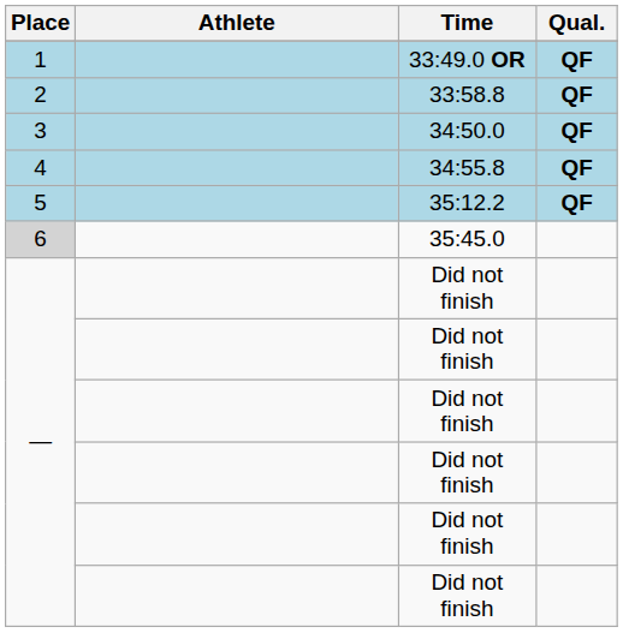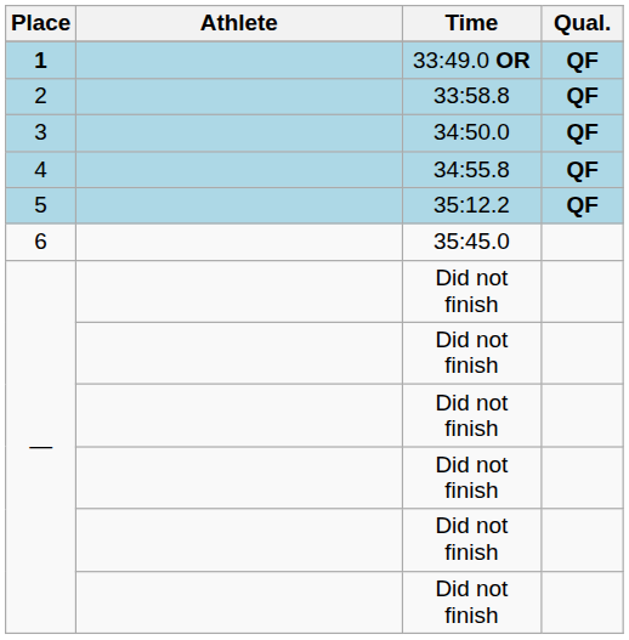 <table class=wikitable style="text-align:center">
 <tr>
 <th width=20>Place</th>
 <th width=220>Athlete</th>
 <th width=90>Time</th>
 <th width=50>Qual.</th>
 </tr>
 <tr>
 </tr>
 <tr bgcolor=lightblue>
-<td>1</td>
+<td><strong>1</strong></td>
 <td align=left></td>
 <td>33:49.0 <strong>OR</strong></td>
 <td><strong>QF</strong></td>
 </tr>
 <tr bgcolor=lightblue>
 <td>2</td>
 <td align=left></td>
 <td>33:58.8</td>
 <td><strong>QF</strong></td>
 </tr>
 <tr bgcolor=lightblue>
 <td>3</td>
 <td align=left></td>
 <td>34:50.0</td>
 <td><strong>QF</strong></td>
 </tr>
 <tr bgcolor=lightblue>
 <td>4</td>
 <td align=left></td>
 <td>34:55.8</td>
 <td><strong>QF</strong></td>
 </tr>
 <tr bgcolor=lightblue>
 <td>5</td>
 <td align=left></td>
 <td>35:12.2</td>
 <td><strong>QF</strong></td>
 </tr>
 <tr>
-<td style="background: lightgrey;">6</td>
+<td>6</td>
 <td align=left></td>
 <td>35:45.0</td>
 <td></td>
 </tr>
 <tr>
 <td rowspan=6>—</td>
 <td align=left></td>
 <td>Did not finish</td>
 <td></td>
 </tr>
 <tr>
 <td align=left></td>
 <td>Did not finish</td>
 <td></td>
 </tr>
 <tr>
 <td align=left></td>
 <td>Did not finish</td>
 <td></td>
 </tr>
 <tr>
 <td align=left></td>
 <td>Did not finish</td>
 <td></td>
 </tr>
 <tr>
 <td align=left></td>
 <td>Did not finish</td>
 <td></td>
 </tr>
 <tr>
 <td align=left></td>
 <td>Did not finish</td>
 <td></td>
 </tr>
 </table>
